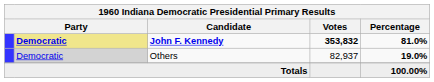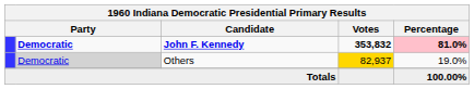 <table class="wikitable" style="font-size: 95%;">
 <tr>
 <th colspan="7">1960 Indiana Democratic Presidential Primary Results</th>
 </tr>
 <tr>
 <th colspan="2" style="width: 15em">Party</th>
 <th style="width: 17em">Candidate</th>
 <th style="width: 5em">Votes</th>
 <th style="width: 7em">Percentage</th>
 </tr>
 <tr>
 <th style="background-color:#3333FF; width: 3px"></th>
-<td style="background: khaki; width: 130px"><strong><a href='#'>Democratic</a></strong></td>
+<td style="width: 130px"><strong><a href='#'>Democratic</a></strong></td>
 <td><strong><a href='#'>John F. Kennedy</a></strong></td>
 <td align="right"><strong>353,832</strong></td>
-<td align="right"><strong>81.0%</strong></td>
+<td align="right" style="background: pink;"><strong>81.0%</strong></td>
 </tr>
 <tr>
 <th style="background-color:#3333FF; width: 3px"></th>
 <td style="background: lightgrey; width: 130px"><a href='#'>Democratic</a></td>
 <td>Others</td>
-<td align="right">82,937</td>
-<td align="right"><strong>19.0%</strong></td>
+<td align="right" style="background: gold;">82,937</td>
+<td align="right">19.0%</td>
 </tr>
 <tr>
 </tr>
 <tr bgcolor="#EEEEEE">
 <td colspan="3" align="right"><strong>Totals</strong></td>
 <td align="right"><em> </em></td>
 <td align="right"><strong>100.00%</strong></td>
 </tr>
 </table>
